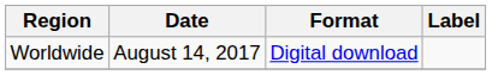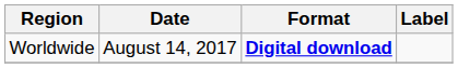 <table class="wikitable">
 <tr>
 <th>Region</th>
 <th>Date</th>
 <th>Format</th>
 <th>Label</th>
 </tr>
 <tr>
 <td>Worldwide</td>
 <td>August 14, 2017</td>
-<td><a href='#'>Digital download</a></td>
+<td><strong><a href='#'>Digital download</a></strong></td>
 <td></td>
 </tr>
 <tr>
 </tr>
 </table>
